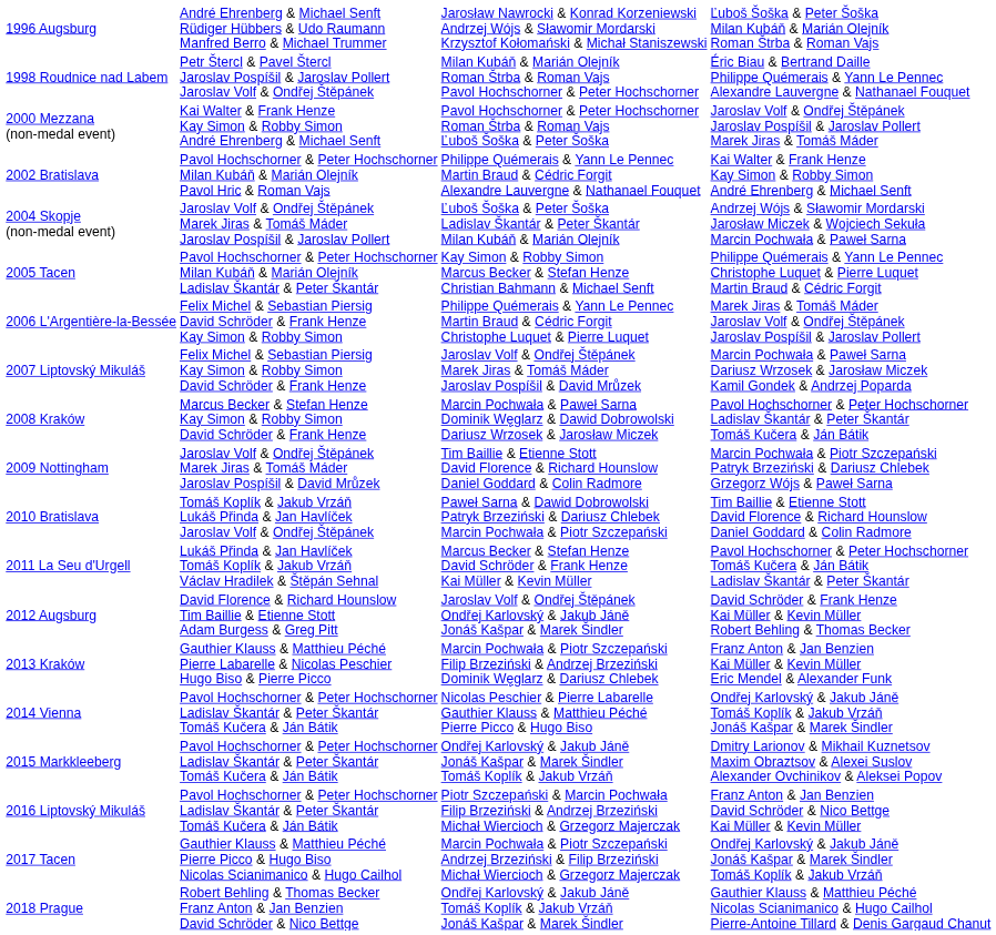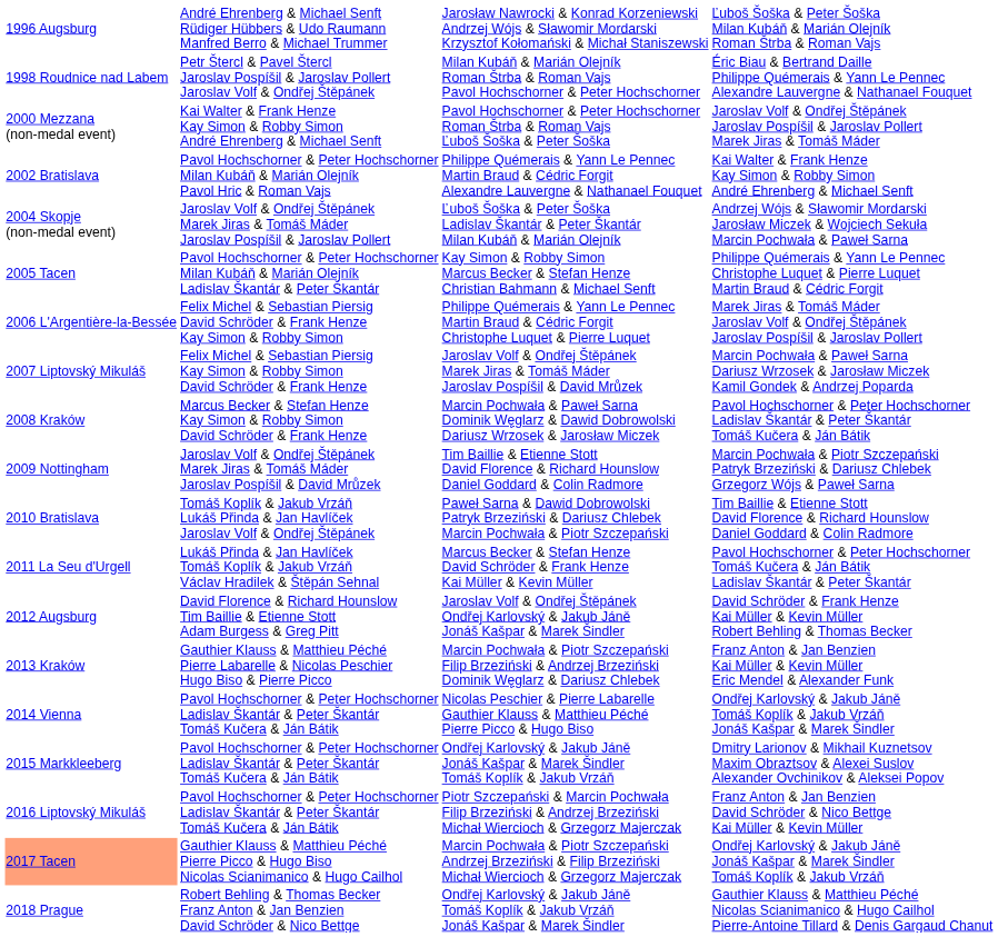 <table>
 <tr>
 <td><a href='#'>1996 Augsburg</a></td>
 <td><a href='#'>André Ehrenberg</a> & <a href='#'>Michael Senft</a><br><a href='#'>Rüdiger Hübbers</a> & <a href='#'>Udo Raumann</a><br><a href='#'>Manfred Berro</a> & <a href='#'>Michael Trummer</a><br></td>
 <td><a href='#'>Jarosław Nawrocki</a> & <a href='#'>Konrad Korzeniewski</a><br><a href='#'>Andrzej Wójs</a> & <a href='#'>Sławomir Mordarski</a><br><a href='#'>Krzysztof Kołomański</a> & <a href='#'>Michał Staniszewski</a><br></td>
 <td><a href='#'>Ľuboš Šoška</a> & <a href='#'>Peter Šoška</a><br><a href='#'>Milan Kubáň</a> & <a href='#'>Marián Olejník</a><br><a href='#'>Roman Štrba</a> & <a href='#'>Roman Vajs</a><br></td>
 </tr>
 <tr>
 <td><a href='#'>1998 Roudnice nad Labem</a></td>
 <td><a href='#'>Petr Štercl</a> & <a href='#'>Pavel Štercl</a><br><a href='#'>Jaroslav Pospíšil</a> & <a href='#'>Jaroslav Pollert</a><br><a href='#'>Jaroslav Volf</a> & <a href='#'>Ondřej Štěpánek</a><br></td>
 <td><a href='#'>Milan Kubáň</a> & <a href='#'>Marián Olejník</a><br><a href='#'>Roman Štrba</a> & <a href='#'>Roman Vajs</a><br><a href='#'>Pavol Hochschorner</a> & <a href='#'>Peter Hochschorner</a><br></td>
 <td><a href='#'>Éric Biau</a> & <a href='#'>Bertrand Daille</a><br><a href='#'>Philippe Quémerais</a> & <a href='#'>Yann Le Pennec</a><br><a href='#'>Alexandre Lauvergne</a> & <a href='#'>Nathanael Fouquet</a><br></td>
 </tr>
 <tr>
 <td><a href='#'>2000 Mezzana</a><br>(non-medal event)</td>
 <td><a href='#'>Kai Walter</a> & <a href='#'>Frank Henze</a><br><a href='#'>Kay Simon</a> & <a href='#'>Robby Simon</a><br><a href='#'>André Ehrenberg</a> & <a href='#'>Michael Senft</a><br></td>
 <td><a href='#'>Pavol Hochschorner</a> & <a href='#'>Peter Hochschorner</a><br><a href='#'>Roman Štrba</a> & <a href='#'>Roman Vajs</a><br><a href='#'>Ľuboš Šoška</a> & <a href='#'>Peter Šoška</a><br></td>
 <td><a href='#'>Jaroslav Volf</a> & <a href='#'>Ondřej Štěpánek</a><br><a href='#'>Jaroslav Pospíšil</a> & <a href='#'>Jaroslav Pollert</a><br><a href='#'>Marek Jiras</a> & <a href='#'>Tomáš Máder</a><br></td>
 </tr>
 <tr>
 <td><a href='#'>2002 Bratislava</a></td>
 <td><a href='#'>Pavol Hochschorner</a> & <a href='#'>Peter Hochschorner</a><br><a href='#'>Milan Kubáň</a> & <a href='#'>Marián Olejník</a><br><a href='#'>Pavol Hric</a> & <a href='#'>Roman Vajs</a><br></td>
 <td><a href='#'>Philippe Quémerais</a> & <a href='#'>Yann Le Pennec</a><br><a href='#'>Martin Braud</a> & <a href='#'>Cédric Forgit</a><br><a href='#'>Alexandre Lauvergne</a> & <a href='#'>Nathanael Fouquet</a><br></td>
 <td><a href='#'>Kai Walter</a> & <a href='#'>Frank Henze</a><br><a href='#'>Kay Simon</a> & <a href='#'>Robby Simon</a><br><a href='#'>André Ehrenberg</a> & <a href='#'>Michael Senft</a><br></td>
 </tr>
 <tr>
 <td><a href='#'>2004 Skopje</a><br>(non-medal event)</td>
 <td><a href='#'>Jaroslav Volf</a> & <a href='#'>Ondřej Štěpánek</a><br><a href='#'>Marek Jiras</a> & <a href='#'>Tomáš Máder</a><br><a href='#'>Jaroslav Pospíšil</a> & <a href='#'>Jaroslav Pollert</a><br></td>
 <td><a href='#'>Ľuboš Šoška</a> & <a href='#'>Peter Šoška</a><br><a href='#'>Ladislav Škantár</a> & <a href='#'>Peter Škantár</a><br><a href='#'>Milan Kubáň</a> & <a href='#'>Marián Olejník</a><br></td>
 <td><a href='#'>Andrzej Wójs</a> & <a href='#'>Sławomir Mordarski</a><br><a href='#'>Jarosław Miczek</a> & <a href='#'>Wojciech Sekuła</a><br><a href='#'>Marcin Pochwała</a> & <a href='#'>Paweł Sarna</a><br></td>
 </tr>
 <tr>
 <td><a href='#'>2005 Tacen</a></td>
 <td><a href='#'>Pavol Hochschorner</a> & <a href='#'>Peter Hochschorner</a><br><a href='#'>Milan Kubáň</a> & <a href='#'>Marián Olejník</a><br><a href='#'>Ladislav Škantár</a> & <a href='#'>Peter Škantár</a><br></td>
 <td><a href='#'>Kay Simon</a> & <a href='#'>Robby Simon</a><br><a href='#'>Marcus Becker</a> & <a href='#'>Stefan Henze</a><br><a href='#'>Christian Bahmann</a> & <a href='#'>Michael Senft</a><br></td>
 <td><a href='#'>Philippe Quémerais</a> & <a href='#'>Yann Le Pennec</a><br><a href='#'>Christophe Luquet</a> & <a href='#'>Pierre Luquet</a><br><a href='#'>Martin Braud</a> & <a href='#'>Cédric Forgit</a><br></td>
 </tr>
 <tr>
 <td><a href='#'>2006 L'Argentière-la-Bessée</a></td>
 <td><a href='#'>Felix Michel</a> & <a href='#'>Sebastian Piersig</a><br><a href='#'>David Schröder</a> & <a href='#'>Frank Henze</a><br><a href='#'>Kay Simon</a> & <a href='#'>Robby Simon</a><br></td>
 <td><a href='#'>Philippe Quémerais</a> & <a href='#'>Yann Le Pennec</a><br><a href='#'>Martin Braud</a> & <a href='#'>Cédric Forgit</a><br><a href='#'>Christophe Luquet</a> & <a href='#'>Pierre Luquet</a><br></td>
 <td><a href='#'>Marek Jiras</a> & <a href='#'>Tomáš Máder</a><br><a href='#'>Jaroslav Volf</a> & <a href='#'>Ondřej Štěpánek</a><br><a href='#'>Jaroslav Pospíšil</a> & <a href='#'>Jaroslav Pollert</a><br></td>
 </tr>
 <tr>
 <td><a href='#'>2007 Liptovský Mikuláš</a></td>
 <td><a href='#'>Felix Michel</a> & <a href='#'>Sebastian Piersig</a><br><a href='#'>Kay Simon</a> & <a href='#'>Robby Simon</a><br><a href='#'>David Schröder</a> & <a href='#'>Frank Henze</a><br></td>
 <td><a href='#'>Jaroslav Volf</a> & <a href='#'>Ondřej Štěpánek</a><br><a href='#'>Marek Jiras</a> & <a href='#'>Tomáš Máder</a><br><a href='#'>Jaroslav Pospíšil</a> & <a href='#'>David Mrůzek</a><br></td>
 <td><a href='#'>Marcin Pochwała</a> & <a href='#'>Paweł Sarna</a><br><a href='#'>Dariusz Wrzosek</a> & <a href='#'>Jarosław Miczek</a><br><a href='#'>Kamil Gondek</a> & <a href='#'>Andrzej Poparda</a><br></td>
 </tr>
 <tr>
 <td><a href='#'>2008 Kraków</a></td>
 <td><a href='#'>Marcus Becker</a> & <a href='#'>Stefan Henze</a><br><a href='#'>Kay Simon</a> & <a href='#'>Robby Simon</a><br><a href='#'>David Schröder</a> & <a href='#'>Frank Henze</a><br></td>
 <td><a href='#'>Marcin Pochwała</a> & <a href='#'>Paweł Sarna</a><br><a href='#'>Dominik Węglarz</a> & <a href='#'>Dawid Dobrowolski</a><br><a href='#'>Dariusz Wrzosek</a> & <a href='#'>Jarosław Miczek</a><br></td>
 <td><a href='#'>Pavol Hochschorner</a> & <a href='#'>Peter Hochschorner</a><br><a href='#'>Ladislav Škantár</a> & <a href='#'>Peter Škantár</a><br><a href='#'>Tomáš Kučera</a> & <a href='#'>Ján Bátik</a><br></td>
 </tr>
 <tr>
 <td><a href='#'>2009 Nottingham</a></td>
 <td><a href='#'>Jaroslav Volf</a> & <a href='#'>Ondřej Štěpánek</a><br><a href='#'>Marek Jiras</a> & <a href='#'>Tomáš Máder</a><br><a href='#'>Jaroslav Pospíšil</a> & <a href='#'>David Mrůzek</a><br></td>
 <td><a href='#'>Tim Baillie</a> & <a href='#'>Etienne Stott</a><br><a href='#'>David Florence</a> & <a href='#'>Richard Hounslow</a><br><a href='#'>Daniel Goddard</a> & <a href='#'>Colin Radmore</a><br></td>
 <td><a href='#'>Marcin Pochwała</a> & <a href='#'>Piotr Szczepański</a><br><a href='#'>Patryk Brzeziński</a> & <a href='#'>Dariusz Chlebek</a><br><a href='#'>Grzegorz Wójs</a> & <a href='#'>Paweł Sarna</a><br></td>
 </tr>
 <tr>
 <td><a href='#'>2010 Bratislava</a></td>
 <td><a href='#'>Tomáš Koplík</a> & <a href='#'>Jakub Vrzáň</a><br><a href='#'>Lukáš Přinda</a> & <a href='#'>Jan Havlíček</a><br><a href='#'>Jaroslav Volf</a> & <a href='#'>Ondřej Štěpánek</a><br></td>
 <td><a href='#'>Paweł Sarna</a> & <a href='#'>Dawid Dobrowolski</a><br><a href='#'>Patryk Brzeziński</a> & <a href='#'>Dariusz Chlebek</a><br><a href='#'>Marcin Pochwała</a> & <a href='#'>Piotr Szczepański</a><br></td>
 <td><a href='#'>Tim Baillie</a> & <a href='#'>Etienne Stott</a><br><a href='#'>David Florence</a> & <a href='#'>Richard Hounslow</a><br><a href='#'>Daniel Goddard</a> & <a href='#'>Colin Radmore</a><br></td>
 </tr>
 <tr>
 <td><a href='#'>2011 La Seu d'Urgell</a></td>
 <td><a href='#'>Lukáš Přinda</a> & <a href='#'>Jan Havlíček</a><br><a href='#'>Tomáš Koplík</a> & <a href='#'>Jakub Vrzáň</a><br><a href='#'>Václav Hradilek</a> & <a href='#'>Štěpán Sehnal</a><br></td>
 <td><a href='#'>Marcus Becker</a> & <a href='#'>Stefan Henze</a><br><a href='#'>David Schröder</a> & <a href='#'>Frank Henze</a><br><a href='#'>Kai Müller</a> & <a href='#'>Kevin Müller</a><br></td>
 <td><a href='#'>Pavol Hochschorner</a> & <a href='#'>Peter Hochschorner</a><br><a href='#'>Tomáš Kučera</a> & <a href='#'>Ján Bátik</a><br><a href='#'>Ladislav Škantár</a> & <a href='#'>Peter Škantár</a><br></td>
 </tr>
 <tr>
 <td><a href='#'>2012 Augsburg</a></td>
 <td><a href='#'>David Florence</a> & <a href='#'>Richard Hounslow</a><br><a href='#'>Tim Baillie</a> & <a href='#'>Etienne Stott</a><br><a href='#'>Adam Burgess</a> & <a href='#'>Greg Pitt</a><br></td>
 <td><a href='#'>Jaroslav Volf</a> & <a href='#'>Ondřej Štěpánek</a><br><a href='#'>Ondřej Karlovský</a> & <a href='#'>Jakub Jáně</a><br><a href='#'>Jonáš Kašpar</a> & <a href='#'>Marek Šindler</a><br></td>
 <td><a href='#'>David Schröder</a> & <a href='#'>Frank Henze</a><br><a href='#'>Kai Müller</a> & <a href='#'>Kevin Müller</a><br><a href='#'>Robert Behling</a> & <a href='#'>Thomas Becker</a><br></td>
 </tr>
 <tr>
 <td><a href='#'>2013 Kraków</a></td>
 <td><a href='#'>Gauthier Klauss</a> & <a href='#'>Matthieu Péché</a><br><a href='#'>Pierre Labarelle</a> & <a href='#'>Nicolas Peschier</a><br><a href='#'>Hugo Biso</a> & <a href='#'>Pierre Picco</a><br></td>
 <td><a href='#'>Marcin Pochwała</a> & <a href='#'>Piotr Szczepański</a><br><a href='#'>Filip Brzeziński</a> & <a href='#'>Andrzej Brzeziński</a><br><a href='#'>Dominik Węglarz</a> & <a href='#'>Dariusz Chlebek</a><br></td>
 <td><a href='#'>Franz Anton</a> & <a href='#'>Jan Benzien</a><br><a href='#'>Kai Müller</a> & <a href='#'>Kevin Müller</a><br><a href='#'>Eric Mendel</a> & <a href='#'>Alexander Funk</a><br></td>
 </tr>
 <tr>
 <td><a href='#'>2014 Vienna</a></td>
 <td><a href='#'>Pavol Hochschorner</a> & <a href='#'>Peter Hochschorner</a><br><a href='#'>Ladislav Škantár</a> & <a href='#'>Peter Škantár</a><br><a href='#'>Tomáš Kučera</a> & <a href='#'>Ján Bátik</a><br></td>
 <td><a href='#'>Nicolas Peschier</a> & <a href='#'>Pierre Labarelle</a><br><a href='#'>Gauthier Klauss</a> & <a href='#'>Matthieu Péché</a><br><a href='#'>Pierre Picco</a> & <a href='#'>Hugo Biso</a><br></td>
 <td><a href='#'>Ondřej Karlovský</a> & <a href='#'>Jakub Jáně</a><br><a href='#'>Tomáš Koplík</a> & <a href='#'>Jakub Vrzáň</a><br><a href='#'>Jonáš Kašpar</a> & <a href='#'>Marek Šindler</a><br></td>
 </tr>
 <tr>
 <td><a href='#'>2015 Markkleeberg</a></td>
 <td><a href='#'>Pavol Hochschorner</a> & <a href='#'>Peter Hochschorner</a><br><a href='#'>Ladislav Škantár</a> & <a href='#'>Peter Škantár</a><br><a href='#'>Tomáš Kučera</a> & <a href='#'>Ján Bátik</a><br></td>
 <td><a href='#'>Ondřej Karlovský</a> & <a href='#'>Jakub Jáně</a><br><a href='#'>Jonáš Kašpar</a> & <a href='#'>Marek Šindler</a><br><a href='#'>Tomáš Koplík</a> & <a href='#'>Jakub Vrzáň</a><br></td>
 <td><a href='#'>Dmitry Larionov</a> & <a href='#'>Mikhail Kuznetsov</a><br><a href='#'>Maxim Obraztsov</a> & <a href='#'>Alexei Suslov</a><br><a href='#'>Alexander Ovchinikov</a> & <a href='#'>Aleksei Popov</a><br></td>
 </tr>
 <tr>
 <td><a href='#'>2016 Liptovský Mikuláš</a></td>
 <td><a href='#'>Pavol Hochschorner</a> & <a href='#'>Peter Hochschorner</a><br><a href='#'>Ladislav Škantár</a> & <a href='#'>Peter Škantár</a><br><a href='#'>Tomáš Kučera</a> & <a href='#'>Ján Bátik</a><br></td>
 <td><a href='#'>Piotr Szczepański</a> & <a href='#'>Marcin Pochwała</a><br><a href='#'>Filip Brzeziński</a> & <a href='#'>Andrzej Brzeziński</a><br><a href='#'>Michał Wiercioch</a> & <a href='#'>Grzegorz Majerczak</a><br></td>
 <td><a href='#'>Franz Anton</a> & <a href='#'>Jan Benzien</a><br><a href='#'>David Schröder</a> & <a href='#'>Nico Bettge</a><br><a href='#'>Kai Müller</a> & <a href='#'>Kevin Müller</a><br></td>
 </tr>
 <tr>
-<td><a href='#'>2017 Tacen</a></td>
+<td style="background: lightsalmon;"><a href='#'>2017 Tacen</a></td>
 <td><a href='#'>Gauthier Klauss</a> & <a href='#'>Matthieu Péché</a><br><a href='#'>Pierre Picco</a> & <a href='#'>Hugo Biso</a><br><a href='#'>Nicolas Scianimanico</a> & <a href='#'>Hugo Cailhol</a><br></td>
 <td><a href='#'>Marcin Pochwała</a> & <a href='#'>Piotr Szczepański</a><br><a href='#'>Andrzej Brzeziński</a> & <a href='#'>Filip Brzeziński</a><br><a href='#'>Michał Wiercioch</a> & <a href='#'>Grzegorz Majerczak</a><br></td>
 <td><a href='#'>Ondřej Karlovský</a> & <a href='#'>Jakub Jáně</a><br><a href='#'>Jonáš Kašpar</a> & <a href='#'>Marek Šindler</a><br><a href='#'>Tomáš Koplík</a> & <a href='#'>Jakub Vrzáň</a><br></td>
 </tr>
 <tr>
 <td><a href='#'>2018 Prague</a></td>
 <td><a href='#'>Robert Behling</a> & <a href='#'>Thomas Becker</a><br><a href='#'>Franz Anton</a> & <a href='#'>Jan Benzien</a><br><a href='#'>David Schröder</a> & <a href='#'>Nico Bettge</a><br></td>
 <td><a href='#'>Ondřej Karlovský</a> & <a href='#'>Jakub Jáně</a><br><a href='#'>Tomáš Koplík</a> & <a href='#'>Jakub Vrzáň</a><br><a href='#'>Jonáš Kašpar</a> & <a href='#'>Marek Šindler</a><br></td>
 <td><a href='#'>Gauthier Klauss</a> & <a href='#'>Matthieu Péché</a><br><a href='#'>Nicolas Scianimanico</a> & <a href='#'>Hugo Cailhol</a><br><a href='#'>Pierre-Antoine Tillard</a> & <a href='#'>Denis Gargaud Chanut</a><br></td>
 </tr>
 </table>
